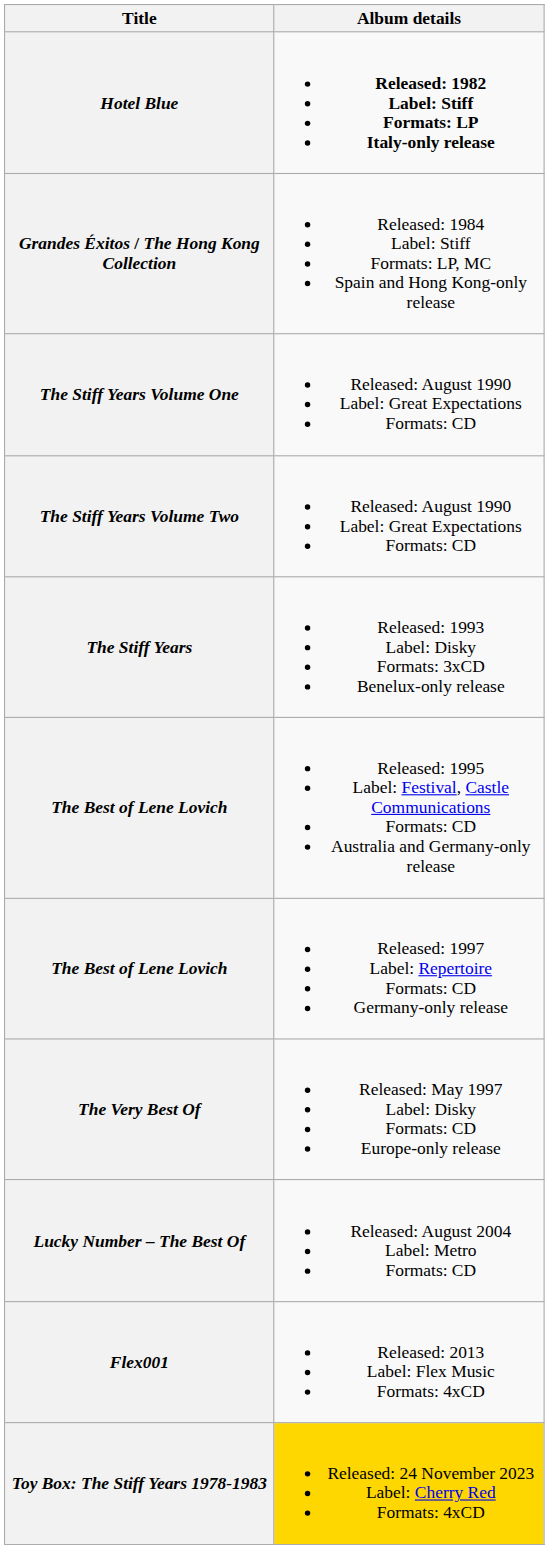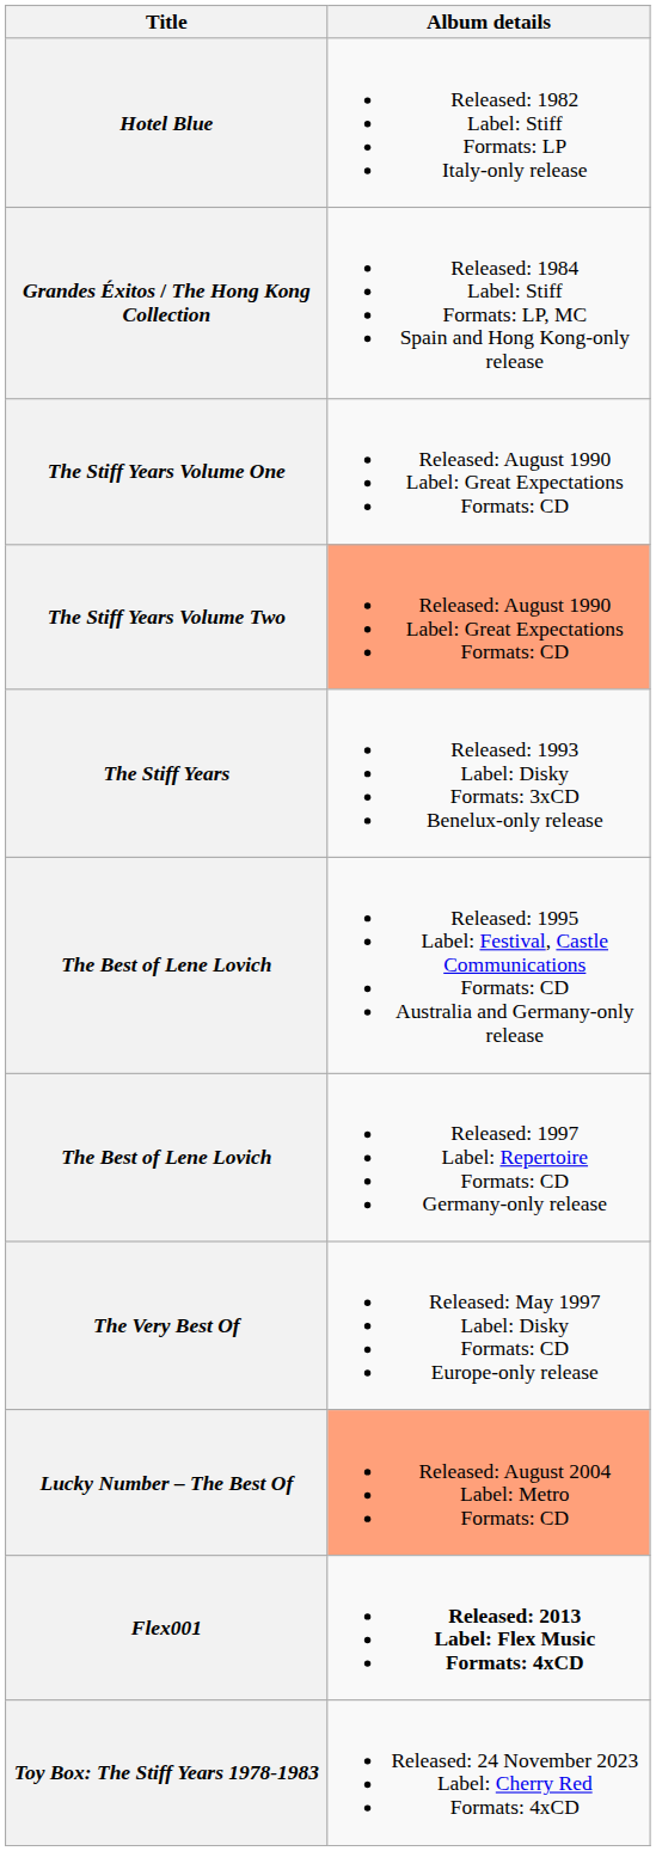 <table class="wikitable plainrowheaders" style="text-align:center;">
 <tr>
 <th scope="col" style="width:15em;">Title</th>
 <th scope="col" style="width:15em;">Album details</th>
 </tr>
 <tr>
 <th scope="row"><em>Hotel Blue</em></th>
-<td><strong><br><ul><li>Released: 1982</li><li>Label: Stiff</li><li>Formats: LP</li><li>Italy-only release</li></ul></strong></td>
+<td><br><ul><li>Released: 1982</li><li>Label: Stiff</li><li>Formats: LP</li><li>Italy-only release</li></ul></td>
 </tr>
 <tr>
 <th scope="row"><em>Grandes Éxitos</em> / <em>The Hong Kong Collection</em></th>
 <td><br><ul><li>Released: 1984</li><li>Label: Stiff</li><li>Formats: LP, MC</li><li>Spain and Hong Kong-only release</li></ul></td>
 </tr>
 <tr>
 <th scope="row"><em>The Stiff Years Volume One</em></th>
 <td><br><ul><li>Released: August 1990</li><li>Label: Great Expectations</li><li>Formats: CD</li></ul></td>
 </tr>
 <tr>
 <th scope="row"><em>The Stiff Years Volume Two</em></th>
-<td><br><ul><li>Released: August 1990</li><li>Label: Great Expectations</li><li>Formats: CD</li></ul></td>
+<td style="background: lightsalmon;"><br><ul><li>Released: August 1990</li><li>Label: Great Expectations</li><li>Formats: CD</li></ul></td>
 </tr>
 <tr>
 <th scope="row"><em>The Stiff Years</em></th>
 <td><br><ul><li>Released: 1993</li><li>Label: Disky</li><li>Formats: 3xCD</li><li>Benelux-only release</li></ul></td>
 </tr>
 <tr>
 <th scope="row"><em>The Best of Lene Lovich</em></th>
 <td><br><ul><li>Released: 1995</li><li>Label: <a href='#'>Festival</a>, <a href='#'>Castle Communications</a></li><li>Formats: CD</li><li>Australia and Germany-only release</li></ul></td>
 </tr>
 <tr>
 <th scope="row"><em>The Best of Lene Lovich</em></th>
 <td><br><ul><li>Released: 1997</li><li>Label: <a href='#'>Repertoire</a></li><li>Formats: CD</li><li>Germany-only release</li></ul></td>
 </tr>
 <tr>
 <th scope="row"><em>The Very Best Of</em></th>
 <td><br><ul><li>Released: May 1997</li><li>Label: Disky</li><li>Formats: CD</li><li>Europe-only release</li></ul></td>
 </tr>
 <tr>
 <th scope="row"><em>Lucky Number – The Best Of</em></th>
-<td><br><ul><li>Released: August 2004</li><li>Label: Metro</li><li>Formats: CD</li></ul></td>
+<td style="background: lightsalmon;"><br><ul><li>Released: August 2004</li><li>Label: Metro</li><li>Formats: CD</li></ul></td>
 </tr>
 <tr>
 <th scope="row"><em>Flex001</em></th>
-<td><br><ul><li>Released: 2013</li><li>Label: Flex Music</li><li>Formats: 4xCD</li></ul></td>
+<td><strong><br><ul><li>Released: 2013</li><li>Label: Flex Music</li><li>Formats: 4xCD</li></ul></strong></td>
 </tr>
 <tr>
 <th scope="row"><em>Toy Box: The Stiff Years 1978-1983</em></th>
-<td style="background: gold;"><br><ul><li>Released: 24 November 2023</li><li>Label: <a href='#'>Cherry Red</a></li><li>Formats: 4xCD</li></ul></td>
+<td><br><ul><li>Released: 24 November 2023</li><li>Label: <a href='#'>Cherry Red</a></li><li>Formats: 4xCD</li></ul></td>
 </tr>
 <tr>
 </tr>
 </table>
